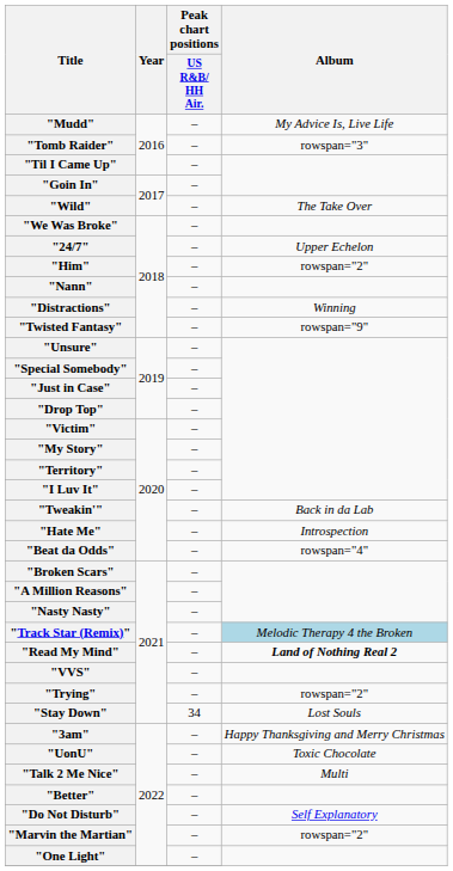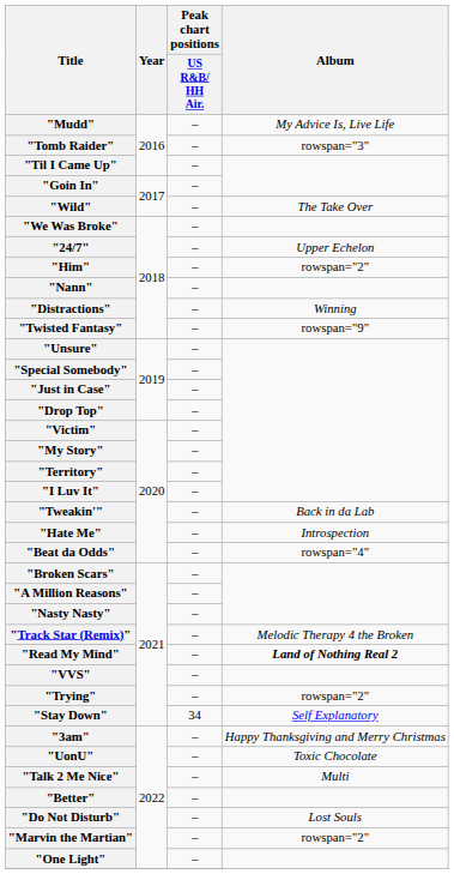 <table class="wikitable plainrowheaders" style="text-align:center">
 <tr>
 <th rowspan="2">Title</th>
 <th rowspan="2">Year</th>
 <th colspan="1">Peak chart positions</th>
 <th rowspan="2">Album</th>
 </tr>
 <tr>
 <th scope="col" style="width:3em;font-size:90%;"><a href='#'>US<br>R&B/<br>HH<br>Air.</a><br></th>
 </tr>
 <tr>
 <th scope="row">"Mudd"<br></th>
 <td rowspan="3">2016</td>
 <td>–</td>
 <td><em>My Advice Is, Live Life</em></td>
 </tr>
 <tr>
 <th scope="row">"Tomb Raider"<br></th>
 <td>–</td>
 <td>rowspan="3" </td>
 </tr>
 <tr>
 <th scope="row">"Til I Came Up"<br></th>
 <td>–</td>
 </tr>
 <tr>
 <th scope="row">"Goin In"<br></th>
 <td rowspan="2">2017</td>
 <td>–</td>
 </tr>
 <tr>
 <th scope="row">"Wild"<br></th>
 <td>–</td>
 <td><em>The Take Over</em></td>
 </tr>
 <tr>
 <th scope="row">"We Was Broke"<br></th>
 <td rowspan="6">2018</td>
 <td>–</td>
 <td></td>
 </tr>
 <tr>
 <th scope="row">"24/7"<br></th>
 <td>–</td>
 <td><em>Upper Echelon</em></td>
 </tr>
 <tr>
 <th scope="row">"Him" </th>
 <td>–</td>
 <td>rowspan="2" </td>
 </tr>
 <tr>
 <th scope="row">"Nann"<br></th>
 <td>–</td>
 </tr>
 <tr>
 <th scope="row">"Distractions"<br></th>
 <td>–</td>
 <td><em>Winning</em></td>
 </tr>
 <tr>
 <th scope="row">"Twisted Fantasy"<br></th>
 <td>–</td>
 <td>rowspan="9" </td>
 </tr>
 <tr>
 <th scope="row">"Unsure"<br></th>
 <td rowspan="4">2019</td>
 <td>–</td>
 </tr>
 <tr>
 <th scope="row">"Special Somebody" </th>
 <td>–</td>
 </tr>
 <tr>
 <th scope="row">"Just in Case"<br></th>
 <td>–</td>
 </tr>
 <tr>
 <th scope="row">"Drop Top"<br></th>
 <td>–</td>
 </tr>
 <tr>
 <th scope="row">"Victim"<br></th>
 <td rowspan="7">2020</td>
 <td>–</td>
 </tr>
 <tr>
 <th scope="row">"My Story"<br></th>
 <td>–</td>
 </tr>
 <tr>
 <th scope="row">"Territory"<br></th>
 <td>–</td>
 </tr>
 <tr>
 <th scope="row">"I Luv It"<br></th>
 <td>–</td>
 </tr>
 <tr>
 <th scope="row">"Tweakin'"<br></th>
 <td>–</td>
 <td><em>Back in da Lab</em></td>
 </tr>
 <tr>
 <th scope="row">"Hate Me"<br></th>
 <td>–</td>
 <td><em>Introspection</em></td>
 </tr>
 <tr>
 <th scope="row">"Beat da Odds" </th>
 <td>–</td>
 <td>rowspan="4" </td>
 </tr>
 <tr>
 <th scope="row">"Broken Scars"<br></th>
 <td rowspan="8">2021</td>
 <td>–</td>
 </tr>
 <tr>
 <th scope="row">"A Million Reasons"<br></th>
 <td>–</td>
 </tr>
 <tr>
 <th scope="row">"Nasty Nasty"<br></th>
 <td>–</td>
 </tr>
 <tr>
 <th scope="row">"<a href='#'>Track Star (Remix)</a>"<br></th>
 <td>–</td>
-<td style="background: lightblue;"><em>Melodic Therapy 4 the Broken</em></td>
+<td><em>Melodic Therapy 4 the Broken</em></td>
 </tr>
 <tr>
 <th scope="row">"Read My Mind"<br></th>
 <td>–</td>
 <td><strong><em>Land of Nothing Real 2</em></strong></td>
 </tr>
 <tr>
 <th scope="row">"VVS"<br></th>
 <td>–</td>
 <td></td>
 </tr>
 <tr>
 <th scope="row">"Trying"<br></th>
 <td>–</td>
 <td>rowspan="2" </td>
 </tr>
 <tr>
 <th scope="row">"Stay Down"<br></th>
 <td>34</td>
-<td><em>Lost Souls</em></td>
+<td><em><a href='#'>Self Explanatory</a></em></td>
 </tr>
 <tr>
 <th scope="row">"3am"<br></th>
 <td rowspan="7">2022</td>
 <td>–</td>
 <td><em>Happy Thanksgiving and Merry Christmas</em></td>
 </tr>
 <tr>
 <th scope="row">"UonU"<br></th>
 <td>–</td>
 <td><em>Toxic Chocolate</em></td>
 </tr>
 <tr>
 <th scope="row">"Talk 2 Me Nice"<br></th>
 <td>–</td>
 <td><em>Multi</em></td>
 </tr>
 <tr>
 <th scope="row">"Better"<br></th>
 <td>–</td>
 </tr>
 <tr>
 <th scope="row">"Do Not Disturb"<br></th>
 <td>–</td>
-<td><em><a href='#'>Self Explanatory</a></em></td>
+<td><em>Lost Souls</em></td>
 </tr>
 <tr>
 <th scope="row">"Marvin the Martian" <br></th>
 <td>–</td>
 <td>rowspan="2" </td>
 </tr>
 <tr>
 <th scope="row">"One Light" </th>
 <td>–</td>
 </tr>
 <tr>
 </tr>
 </table>
